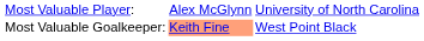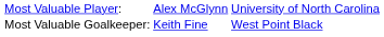 <table>
 <tr>
 <td><a href='#'>Most Valuable Player</a>:</td>
 <td><a href='#'>Alex McGlynn</a></td>
 <td><a href='#'>University of North Carolina</a></td>
 </tr>
 <tr>
 <td>Most Valuable Goalkeeper:</td>
-<td style="background: lightsalmon;"><a href='#'>Keith Fine</a></td>
+<td><a href='#'>Keith Fine</a></td>
 <td><a href='#'>West Point Black</a></td>
 </tr>
 </table>
